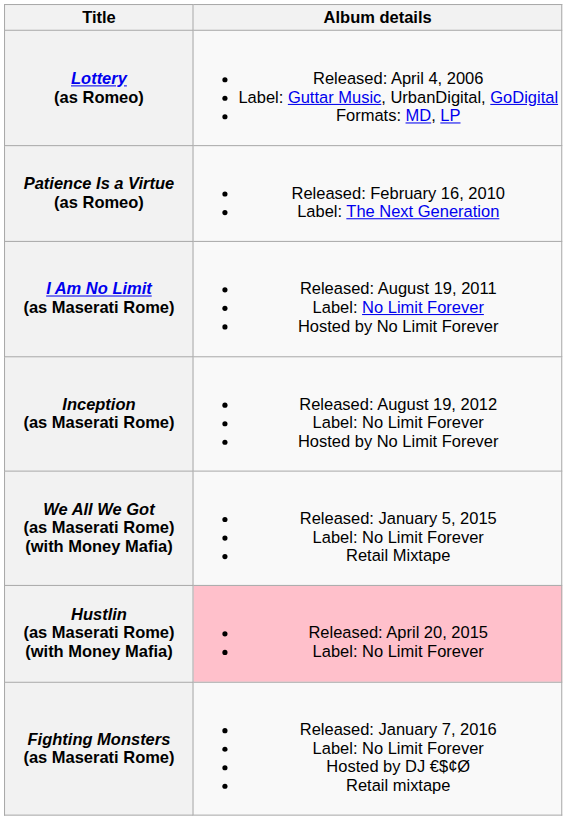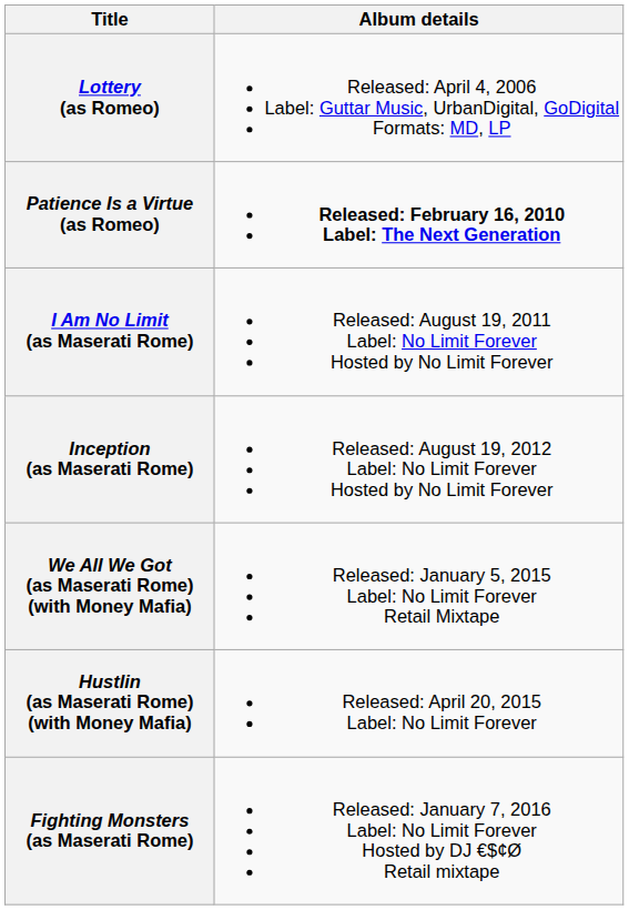 <table class="wikitable plainrowheaders" style="text-align:center;">
 <tr>
 <th scope="col" style="width:11em;">Title</th>
 <th scope="col">Album details</th>
 </tr>
 <tr>
 <th scope="row"><em><a href='#'>Lottery</a></em> <br><span>(as Romeo)</span></th>
 <td><br><ul><li>Released: April 4, 2006</li><li>Label: <a href='#'>Guttar Music</a>, UrbanDigital, <a href='#'>GoDigital</a></li><li>Formats: <a href='#'>MD</a>, <a href='#'>LP</a></li></ul></td>
 </tr>
 <tr>
 <th scope="row"><em>Patience Is a Virtue</em><br><span>(as Romeo)</span></th>
-<td><br><ul><li>Released: February 16, 2010</li><li>Label: <a href='#'>The Next Generation</a></li></ul></td>
+<td><strong><br><ul><li>Released: February 16, 2010</li><li>Label: <a href='#'>The Next Generation</a></li></ul></strong></td>
 </tr>
 <tr>
 <th scope="row"><em><a href='#'>I Am No Limit</a></em><br><span>(as Maserati Rome)</span></th>
 <td><br><ul><li>Released: August 19, 2011</li><li>Label: <a href='#'>No Limit Forever</a></li><li>Hosted by No Limit Forever</li></ul></td>
 </tr>
 <tr>
 <th scope="row"><em>Inception</em><br><span>(as Maserati Rome)</span></th>
 <td><br><ul><li>Released: August 19, 2012</li><li>Label: No Limit Forever</li><li>Hosted by No Limit Forever</li></ul></td>
 </tr>
 <tr>
 <th scope="row"><em>We All We Got</em><br><span>(as Maserati Rome)</span><br><span>(with Money Mafia)</span></th>
 <td><br><ul><li>Released: January 5, 2015</li><li>Label: No Limit Forever</li><li>Retail Mixtape</li></ul></td>
 </tr>
 <tr>
 <th scope="row"><em>Hustlin</em><br><span>(as Maserati Rome)</span><br><span>(with Money Mafia)</span></th>
-<td style="background: pink;"><br><ul><li>Released: April 20, 2015</li><li>Label: No Limit Forever</li></ul></td>
+<td><br><ul><li>Released: April 20, 2015</li><li>Label: No Limit Forever</li></ul></td>
 </tr>
 <tr>
 <th scope="row"><em>Fighting Monsters</em><br><span>(as Maserati Rome)</span></th>
 <td><br><ul><li>Released: January 7, 2016</li><li>Label: No Limit Forever</li><li>Hosted by DJ €$¢Ø</li><li>Retail mixtape</li></ul></td>
 </tr>
 </table>
